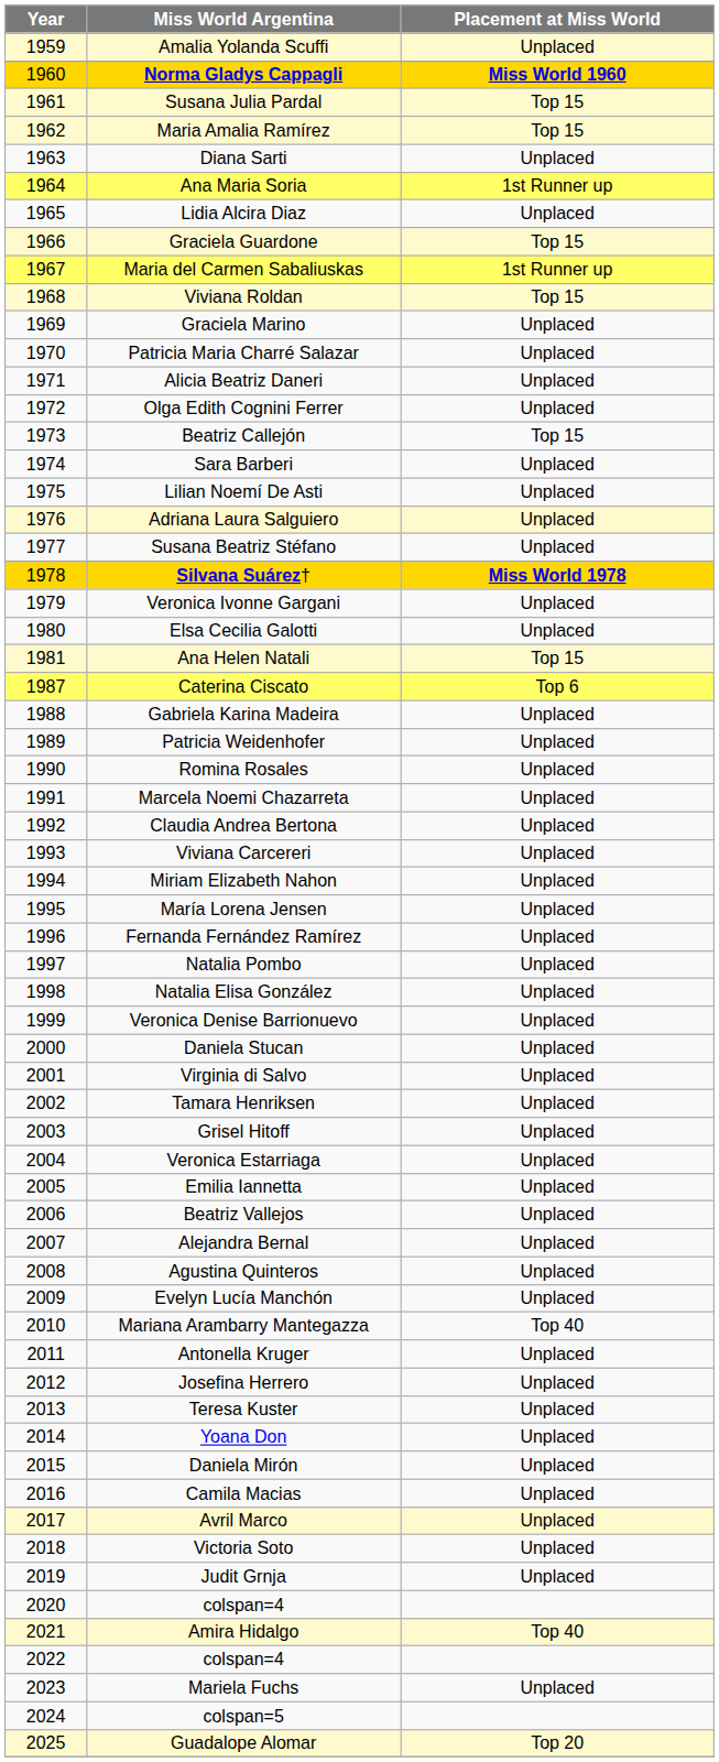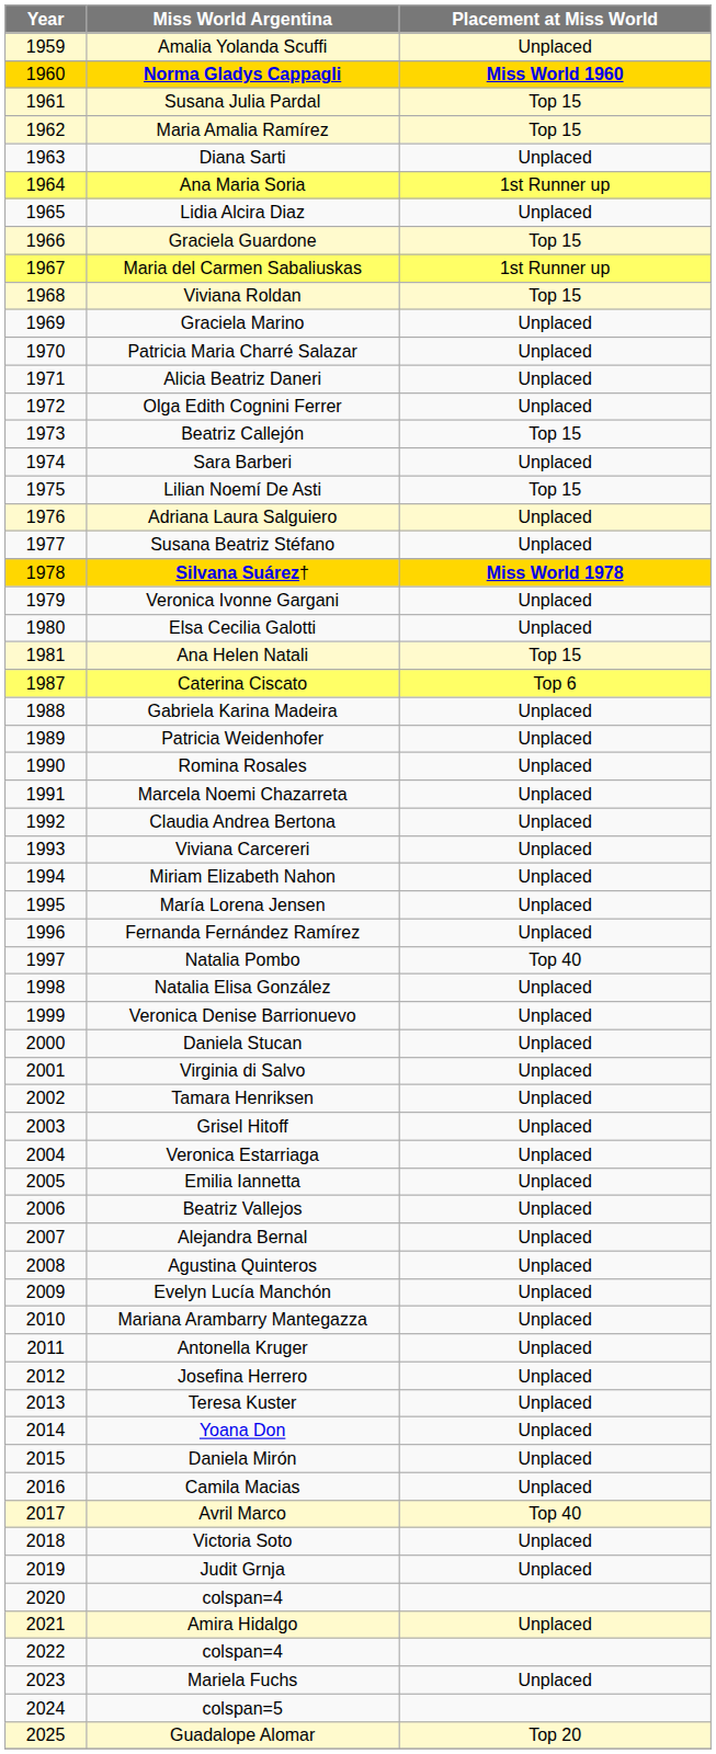 <table class="wikitable sortable" style="font-size: 90%; text-align:center">
 <tr>
 <th width="60" style="background-color:#787878;color:#FFFFFF;">Year</th>
 <th width="250" style="background-color:#787878;color:#FFFFFF;">Miss World Argentina</th>
 <th width="250" style="background-color:#787878;color:#FFFFFF;">Placement at Miss World</th>
 </tr>
 <tr>
 </tr>
 <tr style="background-color:#FFFACD;">
 <td>1959</td>
 <td>Amalia Yolanda Scuffi</td>
 <td>Unplaced</td>
 </tr>
 <tr>
 </tr>
 <tr style="background-color:gold; ">
 <td>1960</td>
 <td><strong><a href='#'>Norma Gladys Cappagli</a></strong></td>
 <td><strong><a href='#'>Miss World 1960</a></strong></td>
 </tr>
 <tr style="background-color:#FFFACD;">
 <td>1961</td>
 <td>Susana Julia Pardal</td>
 <td>Top 15</td>
 </tr>
 <tr style="background-color:#FFFACD;">
 <td>1962</td>
 <td>Maria Amalia Ramírez</td>
 <td>Top 15</td>
 </tr>
 <tr>
 <td>1963</td>
 <td>Diana Sarti</td>
 <td>Unplaced</td>
 </tr>
 <tr style="background-color:#FFFF66; ">
 <td>1964</td>
 <td>Ana Maria Soria</td>
 <td>1st Runner up</td>
 </tr>
 <tr>
 <td>1965</td>
 <td>Lidia Alcira Diaz</td>
 <td>Unplaced</td>
 </tr>
 <tr style="background-color:#FFFACD; ">
 <td>1966</td>
 <td>Graciela Guardone</td>
 <td>Top 15</td>
 </tr>
 <tr style="background-color:#FFFF66;">
 <td>1967</td>
 <td>Maria del Carmen Sabaliuskas</td>
 <td>1st Runner up</td>
 </tr>
 <tr style="background-color:#FFFACD; ">
 <td>1968</td>
 <td>Viviana Roldan</td>
 <td>Top 15</td>
 </tr>
 <tr>
 <td>1969</td>
 <td>Graciela Marino</td>
 <td>Unplaced</td>
 </tr>
 <tr>
 <td>1970</td>
 <td>Patricia Maria Charré Salazar</td>
 <td>Unplaced</td>
 </tr>
 <tr>
 <td>1971</td>
 <td>Alicia Beatriz Daneri</td>
 <td>Unplaced</td>
 </tr>
 <tr>
 <td>1972</td>
 <td>Olga Edith Cognini Ferrer</td>
 <td>Unplaced</td>
 </tr>
 <tr>
 <td>1973</td>
 <td>Beatriz Callejón</td>
 <td>Top 15</td>
 </tr>
 <tr>
 <td>1974</td>
 <td>Sara Barberi</td>
 <td>Unplaced</td>
 </tr>
 <tr>
 <td>1975</td>
 <td>Lilian Noemí De Asti</td>
-<td>Unplaced</td>
+<td>Top 15</td>
 </tr>
 <tr style="background-color:#FFFACD; ">
 <td>1976</td>
 <td>Adriana Laura Salguiero</td>
 <td>Unplaced</td>
 </tr>
 <tr>
 <td>1977</td>
 <td>Susana Beatriz Stéfano</td>
 <td>Unplaced</td>
 </tr>
 <tr>
 </tr>
 <tr style="background-color:gold; ">
 <td>1978</td>
 <td><strong><a href='#'>Silvana Suárez</a></strong>†</td>
 <td><strong><a href='#'>Miss World 1978</a></strong></td>
 </tr>
 <tr>
 <td>1979</td>
 <td>Veronica Ivonne Gargani</td>
 <td>Unplaced</td>
 </tr>
 <tr>
 <td>1980</td>
 <td>Elsa Cecilia Galotti</td>
 <td>Unplaced</td>
 </tr>
 <tr style="background-color:#FFFACD;">
 <td>1981</td>
 <td>Ana Helen Natali</td>
 <td>Top 15</td>
 </tr>
 <tr style="background-color:#FFFF66;">
 <td>1987</td>
 <td>Caterina Ciscato</td>
 <td>Top 6</td>
 </tr>
 <tr>
 <td>1988</td>
 <td>Gabriela Karina Madeira</td>
 <td>Unplaced</td>
 </tr>
 <tr>
 <td>1989</td>
 <td>Patricia Weidenhofer</td>
 <td>Unplaced</td>
 </tr>
 <tr>
 <td>1990</td>
 <td>Romina Rosales</td>
 <td>Unplaced</td>
 </tr>
 <tr>
 <td>1991</td>
 <td>Marcela Noemi Chazarreta</td>
 <td>Unplaced</td>
 </tr>
 <tr>
 <td>1992</td>
 <td>Claudia Andrea Bertona</td>
 <td>Unplaced</td>
 </tr>
 <tr>
 <td>1993</td>
 <td>Viviana Carcereri</td>
 <td>Unplaced</td>
 </tr>
 <tr>
 <td>1994</td>
 <td>Miriam Elizabeth Nahon</td>
 <td>Unplaced</td>
 </tr>
 <tr>
 <td>1995</td>
 <td>María Lorena Jensen</td>
 <td>Unplaced</td>
 </tr>
 <tr>
 <td>1996</td>
 <td>Fernanda Fernández Ramírez</td>
 <td>Unplaced</td>
 </tr>
 <tr>
 <td>1997</td>
 <td>Natalia Pombo</td>
-<td>Unplaced</td>
+<td>Top 40</td>
 </tr>
 <tr>
 <td>1998</td>
 <td>Natalia Elisa González</td>
 <td>Unplaced</td>
 </tr>
 <tr>
 <td>1999</td>
 <td>Veronica Denise Barrionuevo</td>
 <td>Unplaced</td>
 </tr>
 <tr>
 <td>2000</td>
 <td>Daniela Stucan</td>
 <td>Unplaced</td>
 </tr>
 <tr>
 <td>2001</td>
 <td>Virginia di Salvo</td>
 <td>Unplaced</td>
 </tr>
 <tr>
 <td>2002</td>
 <td>Tamara Henriksen</td>
 <td>Unplaced</td>
 </tr>
 <tr>
 <td>2003</td>
 <td>Grisel Hitoff</td>
 <td>Unplaced</td>
 </tr>
 <tr>
 <td>2004</td>
 <td>Veronica Estarriaga</td>
 <td>Unplaced</td>
 </tr>
 <tr>
 <td>2005</td>
 <td>Emilia Iannetta</td>
 <td>Unplaced</td>
 </tr>
 <tr>
 <td>2006</td>
 <td>Beatriz Vallejos</td>
 <td>Unplaced</td>
 </tr>
 <tr>
 <td>2007</td>
 <td>Alejandra Bernal</td>
 <td>Unplaced</td>
 </tr>
 <tr>
 <td>2008</td>
 <td>Agustina Quinteros</td>
 <td>Unplaced</td>
 </tr>
 <tr>
 <td>2009</td>
 <td>Evelyn Lucía Manchón</td>
 <td>Unplaced</td>
 </tr>
 <tr>
 <td>2010</td>
 <td>Mariana Arambarry Mantegazza</td>
-<td>Top 40</td>
+<td>Unplaced</td>
 </tr>
 <tr>
 <td>2011</td>
 <td>Antonella Kruger</td>
 <td>Unplaced</td>
 </tr>
 <tr>
 <td>2012</td>
 <td>Josefina Herrero</td>
 <td>Unplaced</td>
 </tr>
 <tr>
 <td>2013</td>
 <td>Teresa Kuster</td>
 <td>Unplaced</td>
 </tr>
 <tr>
 <td>2014</td>
 <td><a href='#'>Yoana Don</a></td>
 <td>Unplaced</td>
 </tr>
 <tr>
 <td>2015</td>
 <td>Daniela Mirón</td>
 <td>Unplaced</td>
 </tr>
 <tr>
 <td>2016</td>
 <td>Camila Macias</td>
 <td>Unplaced</td>
 </tr>
 <tr style="background-color:#FFFACD;">
 <td>2017</td>
 <td>Avril Marco</td>
-<td>Unplaced</td>
+<td>Top 40</td>
 </tr>
 <tr>
 <td>2018</td>
 <td>Victoria Soto</td>
 <td>Unplaced</td>
 </tr>
 <tr>
 <td>2019</td>
 <td>Judit Grnja</td>
 <td>Unplaced</td>
 </tr>
 <tr>
 <td>2020</td>
 <td>colspan=4 </td>
 </tr>
 <tr style="background-color:#FFFACD;">
 <td>2021</td>
 <td>Amira Hidalgo</td>
-<td>Top 40</td>
+<td>Unplaced</td>
 </tr>
 <tr>
 <td>2022</td>
 <td>colspan=4 </td>
 </tr>
 <tr>
 <td>2023</td>
 <td>Mariela Fuchs</td>
 <td>Unplaced</td>
 </tr>
 <tr>
 <td>2024</td>
 <td>colspan=5 </td>
 </tr>
 <tr style="background-color:#FFFACD;">
 <td>2025</td>
 <td>Guadalope Alomar</td>
 <td>Top 20</td>
 </tr>
 <tr>
 </tr>
 </table>
